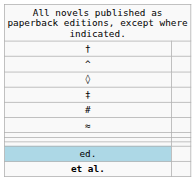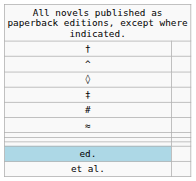 <table class="wikitable floatright" style="text-align: center; width: 20em;">
 <tr>
 <td colspan="2">All novels published as paperback editions, except where indicated.</td>
 </tr>
 <tr>
 <td>†</td>
 <td></td>
 </tr>
 <tr>
 <td>^</td>
 <td></td>
 </tr>
 <tr>
 <td>◊</td>
 <td></td>
 </tr>
 <tr>
 <td>‡</td>
 <td></td>
 </tr>
 <tr>
 <td>#</td>
 <td></td>
 </tr>
 <tr>
 <td>≈</td>
 <td></td>
 </tr>
 <tr>
 <td><em></em></td>
 <td></td>
 </tr>
 <tr>
 <td><em></em></td>
 <td></td>
 </tr>
 <tr>
 <td><em></em></td>
 <td></td>
 </tr>
 <tr>
 <td style="background: lightblue;">ed.</td>
 <td></td>
 </tr>
 <tr>
-<td><strong>et al.</strong></td>
+<td>et al.</td>
 <td></td>
 </tr>
 </table>
